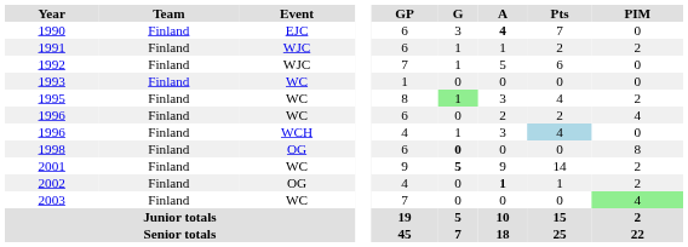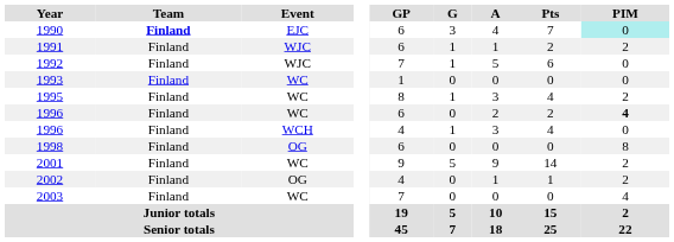 <table border="0" cellpadding="1" cellspacing="0" style="text-align:center; width:50em">
 <tr ALIGN="center" bgcolor="#e0e0e0">
 <th>Year</th>
 <th>Team</th>
 <th>Event</th>
 <th rowspan="99" bgcolor="#ffffff"> </th>
 <th>GP</th>
 <th>G</th>
 <th>A</th>
 <th>Pts</th>
 <th>PIM</th>
 </tr>
 <tr>
 <td><a href='#'>1990</a></td>
-<td><a href='#'>Finland</a></td>
+<td><strong><a href='#'>Finland</a></strong></td>
 <td><a href='#'>EJC</a></td>
 <td>6</td>
 <td>3</td>
-<td><strong>4</strong></td>
+<td>4</td>
 <td>7</td>
-<td>0</td>
+<td style="background: paleturquoise;">0</td>
 </tr>
 <tr bgcolor="#f0f0f0">
 <td><a href='#'>1991</a></td>
 <td>Finland</td>
 <td><a href='#'>WJC</a></td>
 <td>6</td>
 <td>1</td>
 <td>1</td>
 <td>2</td>
 <td>2</td>
 </tr>
 <tr>
 <td><a href='#'>1992</a></td>
 <td>Finland</td>
 <td>WJC</td>
 <td>7</td>
 <td>1</td>
 <td>5</td>
 <td>6</td>
 <td>0</td>
 </tr>
 <tr bgcolor="#f0f0f0">
 <td><a href='#'>1993</a></td>
 <td><a href='#'>Finland</a></td>
 <td><a href='#'>WC</a></td>
 <td>1</td>
 <td>0</td>
 <td>0</td>
 <td>0</td>
 <td>0</td>
 </tr>
 <tr>
 <td><a href='#'>1995</a></td>
 <td>Finland</td>
 <td>WC</td>
 <td>8</td>
-<td style="background: lightgreen;">1</td>
+<td>1</td>
 <td>3</td>
 <td>4</td>
 <td>2</td>
 </tr>
 <tr bgcolor="#f0f0f0">
 <td><a href='#'>1996</a></td>
 <td>Finland</td>
 <td>WC</td>
 <td>6</td>
 <td>0</td>
 <td>2</td>
 <td>2</td>
-<td>4</td>
+<td><strong>4</strong></td>
 </tr>
 <tr>
 <td><a href='#'>1996</a></td>
 <td>Finland</td>
 <td><a href='#'>WCH</a></td>
 <td>4</td>
 <td>1</td>
 <td>3</td>
-<td style="background: lightblue;">4</td>
+<td>4</td>
 <td>0</td>
 </tr>
 <tr bgcolor="#f0f0f0">
 <td><a href='#'>1998</a></td>
 <td>Finland</td>
 <td><a href='#'>OG</a></td>
 <td>6</td>
-<td><strong>0</strong></td>
+<td>0</td>
 <td>0</td>
 <td>0</td>
 <td>8</td>
 </tr>
 <tr>
 <td><a href='#'>2001</a></td>
 <td>Finland</td>
 <td>WC</td>
 <td>9</td>
-<td><strong>5</strong></td>
+<td>5</td>
 <td>9</td>
 <td>14</td>
 <td>2</td>
 </tr>
 <tr bgcolor="#f0f0f0">
 <td><a href='#'>2002</a></td>
 <td>Finland</td>
 <td>OG</td>
 <td>4</td>
 <td>0</td>
-<td><strong>1</strong></td>
+<td>1</td>
 <td>1</td>
 <td>2</td>
 </tr>
 <tr>
 <td><a href='#'>2003</a></td>
 <td>Finland</td>
 <td>WC</td>
 <td>7</td>
 <td>0</td>
 <td>0</td>
 <td>0</td>
-<td style="background: lightgreen;">4</td>
+<td>4</td>
 </tr>
 <tr bgcolor="#e0e0e0">
 <th colspan=3>Junior totals</th>
 <th>19</th>
 <th>5</th>
 <th>10</th>
 <th>15</th>
 <th>2</th>
 </tr>
 <tr bgcolor="#e0e0e0">
 <th colspan=3>Senior totals</th>
 <th>45</th>
 <th>7</th>
 <th>18</th>
 <th>25</th>
 <th>22</th>
 </tr>
 </table>
